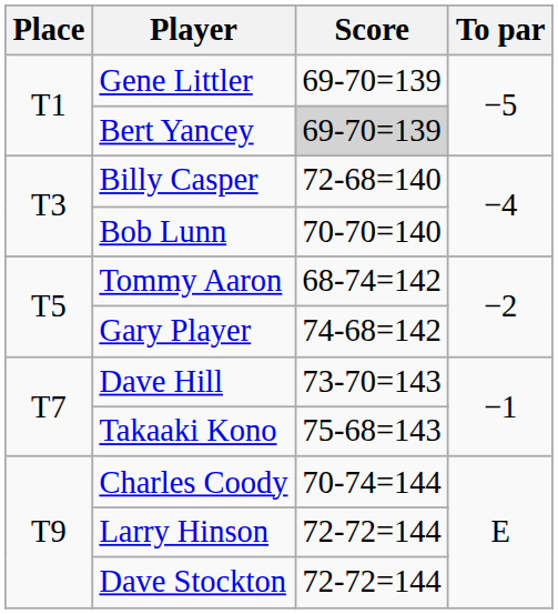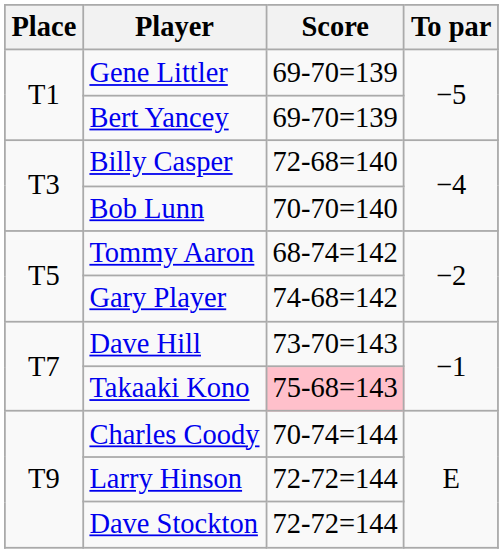 <table class="wikitable">
 <tr>
 <th>Place</th>
 <th>Player</th>
 <th>Score</th>
 <th>To par</th>
 </tr>
 <tr>
 <td rowspan="2" align="center">T1</td>
 <td> <a href='#'>Gene Littler</a></td>
 <td>69-70=139</td>
 <td rowspan="2" align="center">−5</td>
 </tr>
 <tr>
 <td> <a href='#'>Bert Yancey</a></td>
-<td style="background: lightgrey;">69-70=139</td>
+<td>69-70=139</td>
 </tr>
 <tr>
 <td rowspan="2" align="center">T3</td>
 <td> <a href='#'>Billy Casper</a></td>
 <td>72-68=140</td>
 <td rowspan="2" align="center">−4</td>
 </tr>
 <tr>
 <td> <a href='#'>Bob Lunn</a></td>
 <td>70-70=140</td>
 </tr>
 <tr>
 <td rowspan="2" align="center">T5</td>
 <td> <a href='#'>Tommy Aaron</a></td>
 <td>68-74=142</td>
 <td rowspan="2" align="center">−2</td>
 </tr>
 <tr>
 <td> <a href='#'>Gary Player</a></td>
 <td>74-68=142</td>
 </tr>
 <tr>
 <td rowspan="2" align="center">T7</td>
 <td> <a href='#'>Dave Hill</a></td>
 <td>73-70=143</td>
 <td rowspan="2" align="center">−1</td>
 </tr>
 <tr>
 <td> <a href='#'>Takaaki Kono</a></td>
-<td>75-68=143</td>
+<td style="background: pink;">75-68=143</td>
 </tr>
 <tr>
 <td rowspan="3" align="center">T9</td>
 <td> <a href='#'>Charles Coody</a></td>
 <td>70-74=144</td>
 <td rowspan="3" align="center">E</td>
 </tr>
 <tr>
 <td> <a href='#'>Larry Hinson</a></td>
 <td>72-72=144</td>
 </tr>
 <tr>
 <td> <a href='#'>Dave Stockton</a></td>
 <td>72-72=144</td>
 </tr>
 </table>
